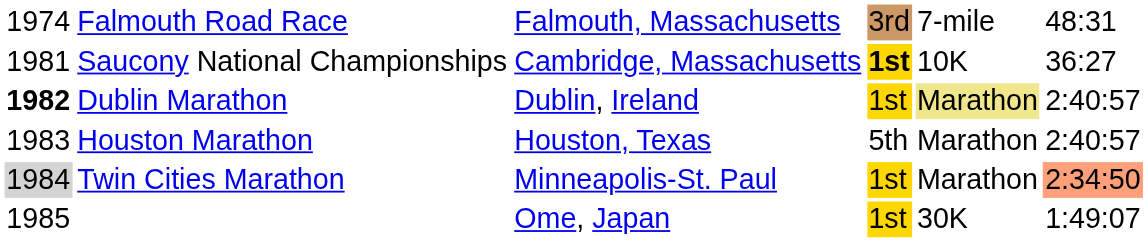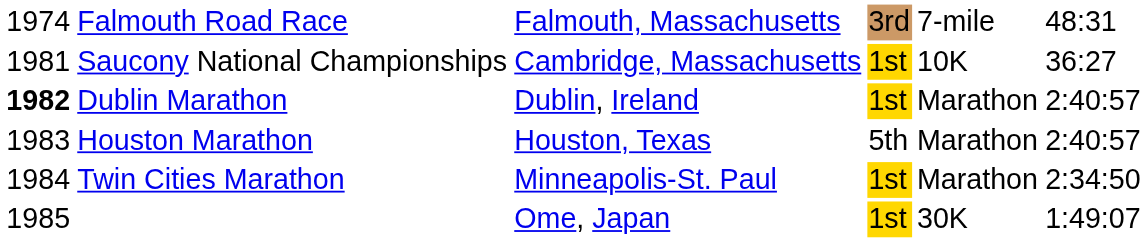 <table>
 <tr>
 <td>1974</td>
 <td><a href='#'>Falmouth Road Race</a></td>
 <td><a href='#'>Falmouth, Massachusetts</a></td>
 <td bgcolor="cc9966">3rd</td>
 <td>7-mile</td>
 <td>48:31</td>
 </tr>
 <tr>
 <td>1981</td>
 <td><a href='#'>Saucony</a> National Championships</td>
 <td><a href='#'>Cambridge, Massachusetts</a></td>
-<td bgcolor="gold"><strong>1st</strong></td>
+<td bgcolor="gold">1st</td>
 <td>10K</td>
 <td>36:27</td>
 </tr>
 <tr>
 <td><strong>1982</strong></td>
 <td><a href='#'>Dublin Marathon</a></td>
 <td><a href='#'>Dublin</a>, <a href='#'>Ireland</a></td>
 <td bgcolor="gold">1st</td>
-<td style="background: khaki;">Marathon</td>
+<td>Marathon</td>
 <td>2:40:57</td>
 </tr>
 <tr>
 <td>1983</td>
 <td><a href='#'>Houston Marathon</a></td>
 <td><a href='#'>Houston, Texas</a></td>
 <td>5th</td>
 <td>Marathon</td>
 <td>2:40:57</td>
 </tr>
 <tr>
-<td style="background: lightgrey;">1984</td>
+<td>1984</td>
 <td><a href='#'>Twin Cities Marathon</a></td>
 <td><a href='#'>Minneapolis-St. Paul</a></td>
 <td bgcolor="gold">1st</td>
 <td>Marathon</td>
-<td style="background: lightsalmon;">2:34:50</td>
+<td>2:34:50</td>
 </tr>
 <tr>
 <td>1985</td>
 <td></td>
 <td><a href='#'>Ome</a>, <a href='#'>Japan</a></td>
 <td bgcolor="gold">1st</td>
 <td>30K</td>
 <td>1:49:07</td>
 </tr>
 <tr>
 </tr>
 </table>
